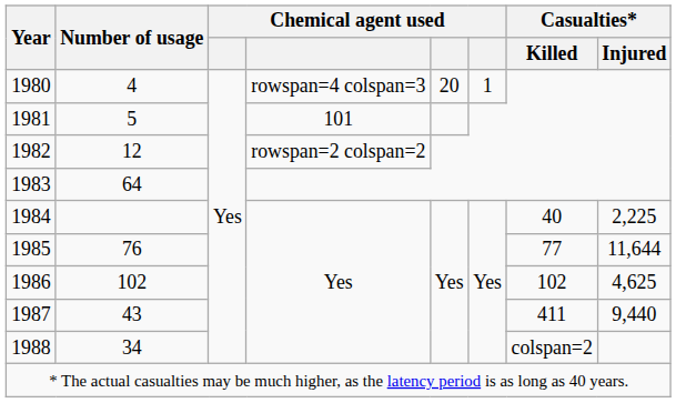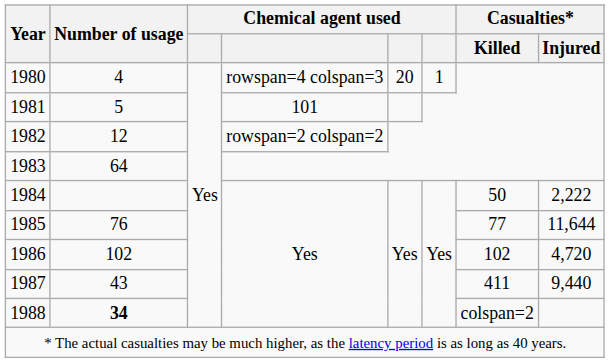 <table style="text-align:center; float:right; font-size:85%; margin-left:2em;"  class="wikitable">
 <tr>
 <th rowspan=2>Year</th>
 <th rowspan=2>Number of usage</th>
 <th colspan=4>Chemical agent used</th>
 <th colspan=2>Casualties*</th>
 </tr>
 <tr>
 <th></th>
 <th></th>
 <th></th>
 <th></th>
 <th>Killed</th>
 <th>Injured</th>
 </tr>
 <tr>
 <td>1980</td>
 <td>4</td>
 <td rowspan=9>Yes</td>
 <td>rowspan=4 colspan=3 </td>
 <td>20</td>
 <td>1</td>
 </tr>
 <tr>
 <td>1981</td>
 <td>5</td>
 <td>101</td>
 <td></td>
 </tr>
 <tr>
 <td>1982</td>
 <td>12</td>
 <td>rowspan=2 colspan=2 </td>
 </tr>
 <tr>
 <td>1983</td>
 <td>64</td>
 </tr>
 <tr>
 <td>1984</td>
 <td></td>
 <td rowspan=5>Yes</td>
 <td rowspan=5>Yes</td>
 <td rowspan=5>Yes</td>
-<td>40</td>
-<td>2,225</td>
+<td>50</td>
+<td>2,222</td>
 </tr>
 <tr>
 <td>1985</td>
 <td>76</td>
 <td>77</td>
 <td>11,644</td>
 </tr>
 <tr>
 <td>1986</td>
 <td>102</td>
 <td>102</td>
-<td>4,625</td>
+<td>4,720</td>
 </tr>
 <tr>
 <td>1987</td>
 <td>43</td>
 <td>411</td>
 <td>9,440</td>
 </tr>
 <tr>
 <td>1988</td>
-<td>34</td>
+<td><strong>34</strong></td>
 <td>colspan=2 </td>
 </tr>
 <tr>
 <td colspan=8><small>* The actual casualties may be much higher, as the <a href='#'>latency period</a> is as long as 40 years.</small></td>
 </tr>
 </table>
